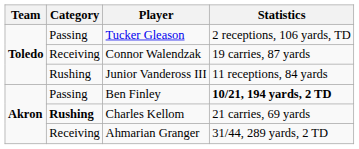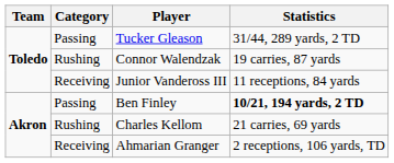 <table class="wikitable" style="float: right;">
 <tr>
 <th>Team</th>
 <th>Category</th>
 <th>Player</th>
 <th>Statistics</th>
 </tr>
 <tr>
 <td rowspan=3><strong>Toledo</strong></td>
 <td>Passing</td>
 <td><a href='#'>Tucker Gleason</a></td>
-<td>2 receptions, 106 yards, TD</td>
+<td>31/44, 289 yards, 2 TD</td>
 </tr>
 <tr>
-<td>Receiving</td>
+<td>Rushing</td>
 <td>Connor Walendzak</td>
 <td>19 carries, 87 yards</td>
 </tr>
 <tr>
-<td>Rushing</td>
+<td>Receiving</td>
 <td>Junior Vandeross III</td>
 <td>11 receptions, 84 yards</td>
 </tr>
 <tr>
 <td rowspan=3><strong>Akron</strong></td>
 <td>Passing</td>
 <td>Ben Finley</td>
 <td><strong>10/21, 194 yards, 2 TD</strong></td>
 </tr>
 <tr>
-<td><strong>Rushing</strong></td>
+<td>Rushing</td>
 <td>Charles Kellom</td>
 <td>21 carries, 69 yards</td>
 </tr>
 <tr>
 <td>Receiving</td>
 <td>Ahmarian Granger</td>
-<td>31/44, 289 yards, 2 TD</td>
+<td>2 receptions, 106 yards, TD</td>
 </tr>
 </table>
